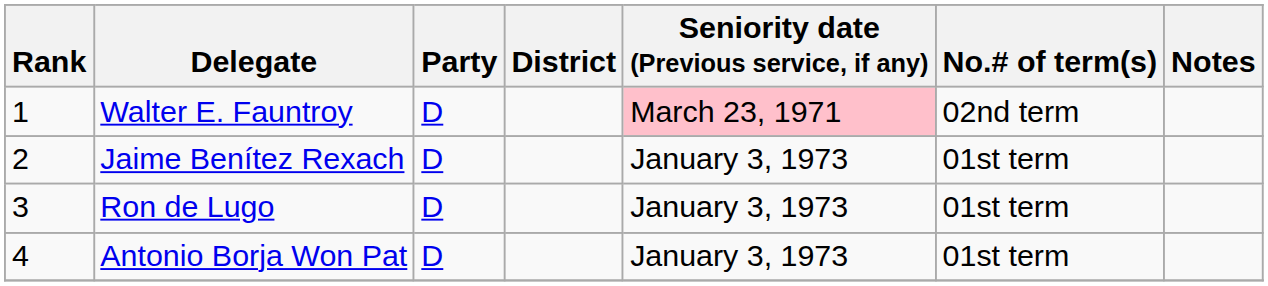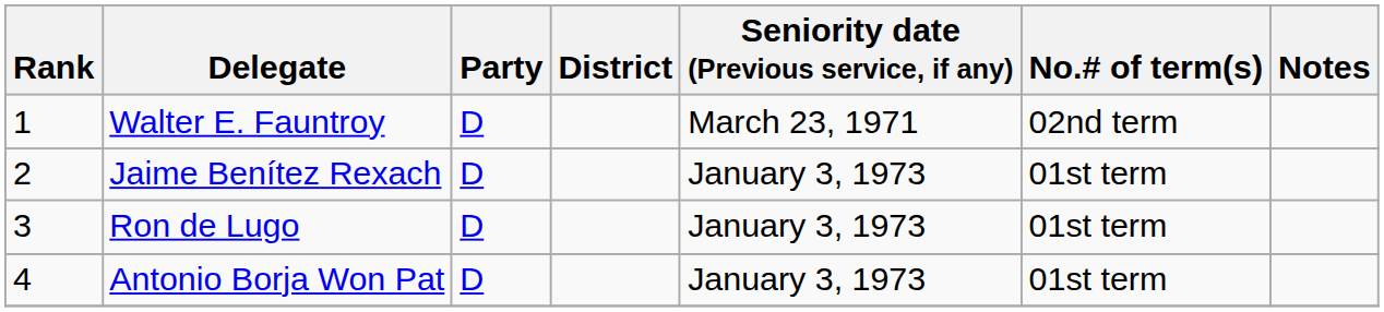 <table class="wikitable sortable">
 <tr valign=bottom>
 <th>Rank</th>
 <th>Delegate</th>
 <th>Party</th>
 <th>District</th>
 <th>Seniority date<br><small>(Previous service, if any)</small><br></th>
 <th>No.# of term(s)</th>
 <th>Notes</th>
 </tr>
 <tr>
 <td>1</td>
 <td><a href='#'>Walter E. Fauntroy</a></td>
 <td><a href='#'>D</a></td>
 <td></td>
-<td style="background: pink;">March 23, 1971</td>
+<td>March 23, 1971</td>
 <td>02nd term</td>
 <td></td>
 </tr>
 <tr>
 <td>2</td>
 <td><a href='#'>Jaime Benítez Rexach</a></td>
 <td><a href='#'>D</a></td>
 <td></td>
 <td>January 3, 1973</td>
 <td>01st term</td>
 <td></td>
 </tr>
 <tr>
 <td>3</td>
 <td><a href='#'>Ron de Lugo</a></td>
 <td><a href='#'>D</a></td>
 <td></td>
 <td>January 3, 1973</td>
 <td>01st term</td>
 <td></td>
 </tr>
 <tr>
 <td>4</td>
 <td><a href='#'>Antonio Borja Won Pat</a></td>
 <td><a href='#'>D</a></td>
 <td></td>
 <td>January 3, 1973</td>
 <td>01st term</td>
 <td></td>
 </tr>
 <tr>
 </tr>
 </table>
